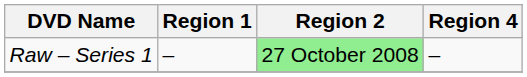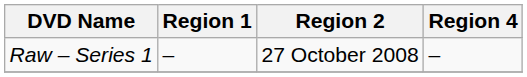 <table class="wikitable">
 <tr>
 <th>DVD Name</th>
 <th>Region 1</th>
 <th>Region 2</th>
 <th>Region 4</th>
 </tr>
 <tr>
 <td><em>Raw – Series 1</em></td>
 <td>–</td>
-<td style="background: lightgreen;">27 October 2008</td>
+<td>27 October 2008</td>
 <td>–</td>
 </tr>
 <tr>
 </tr>
 </table>
